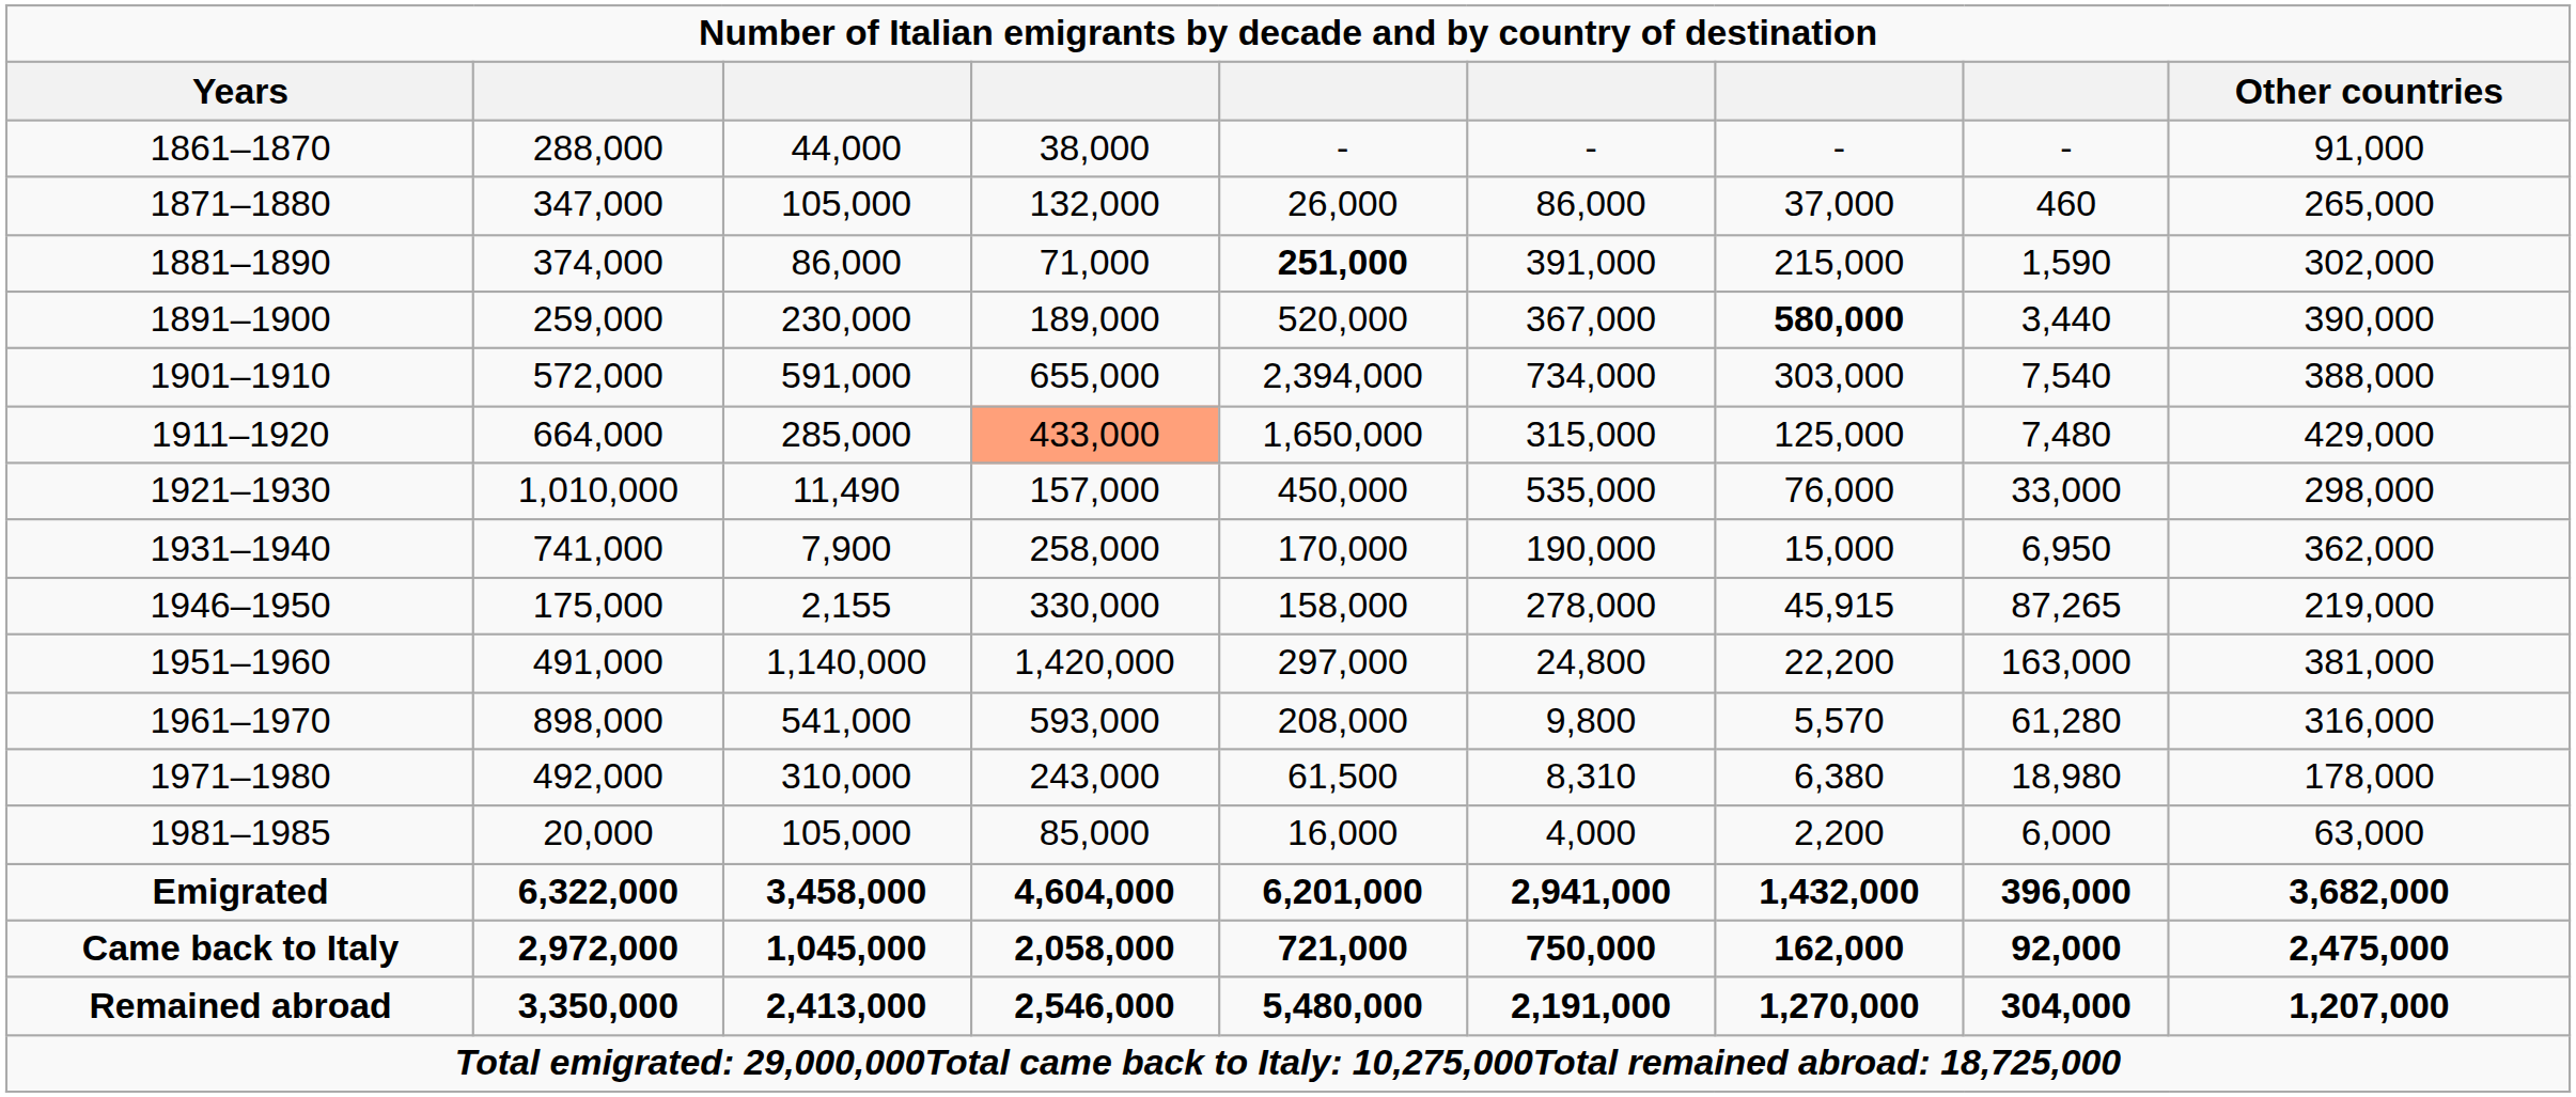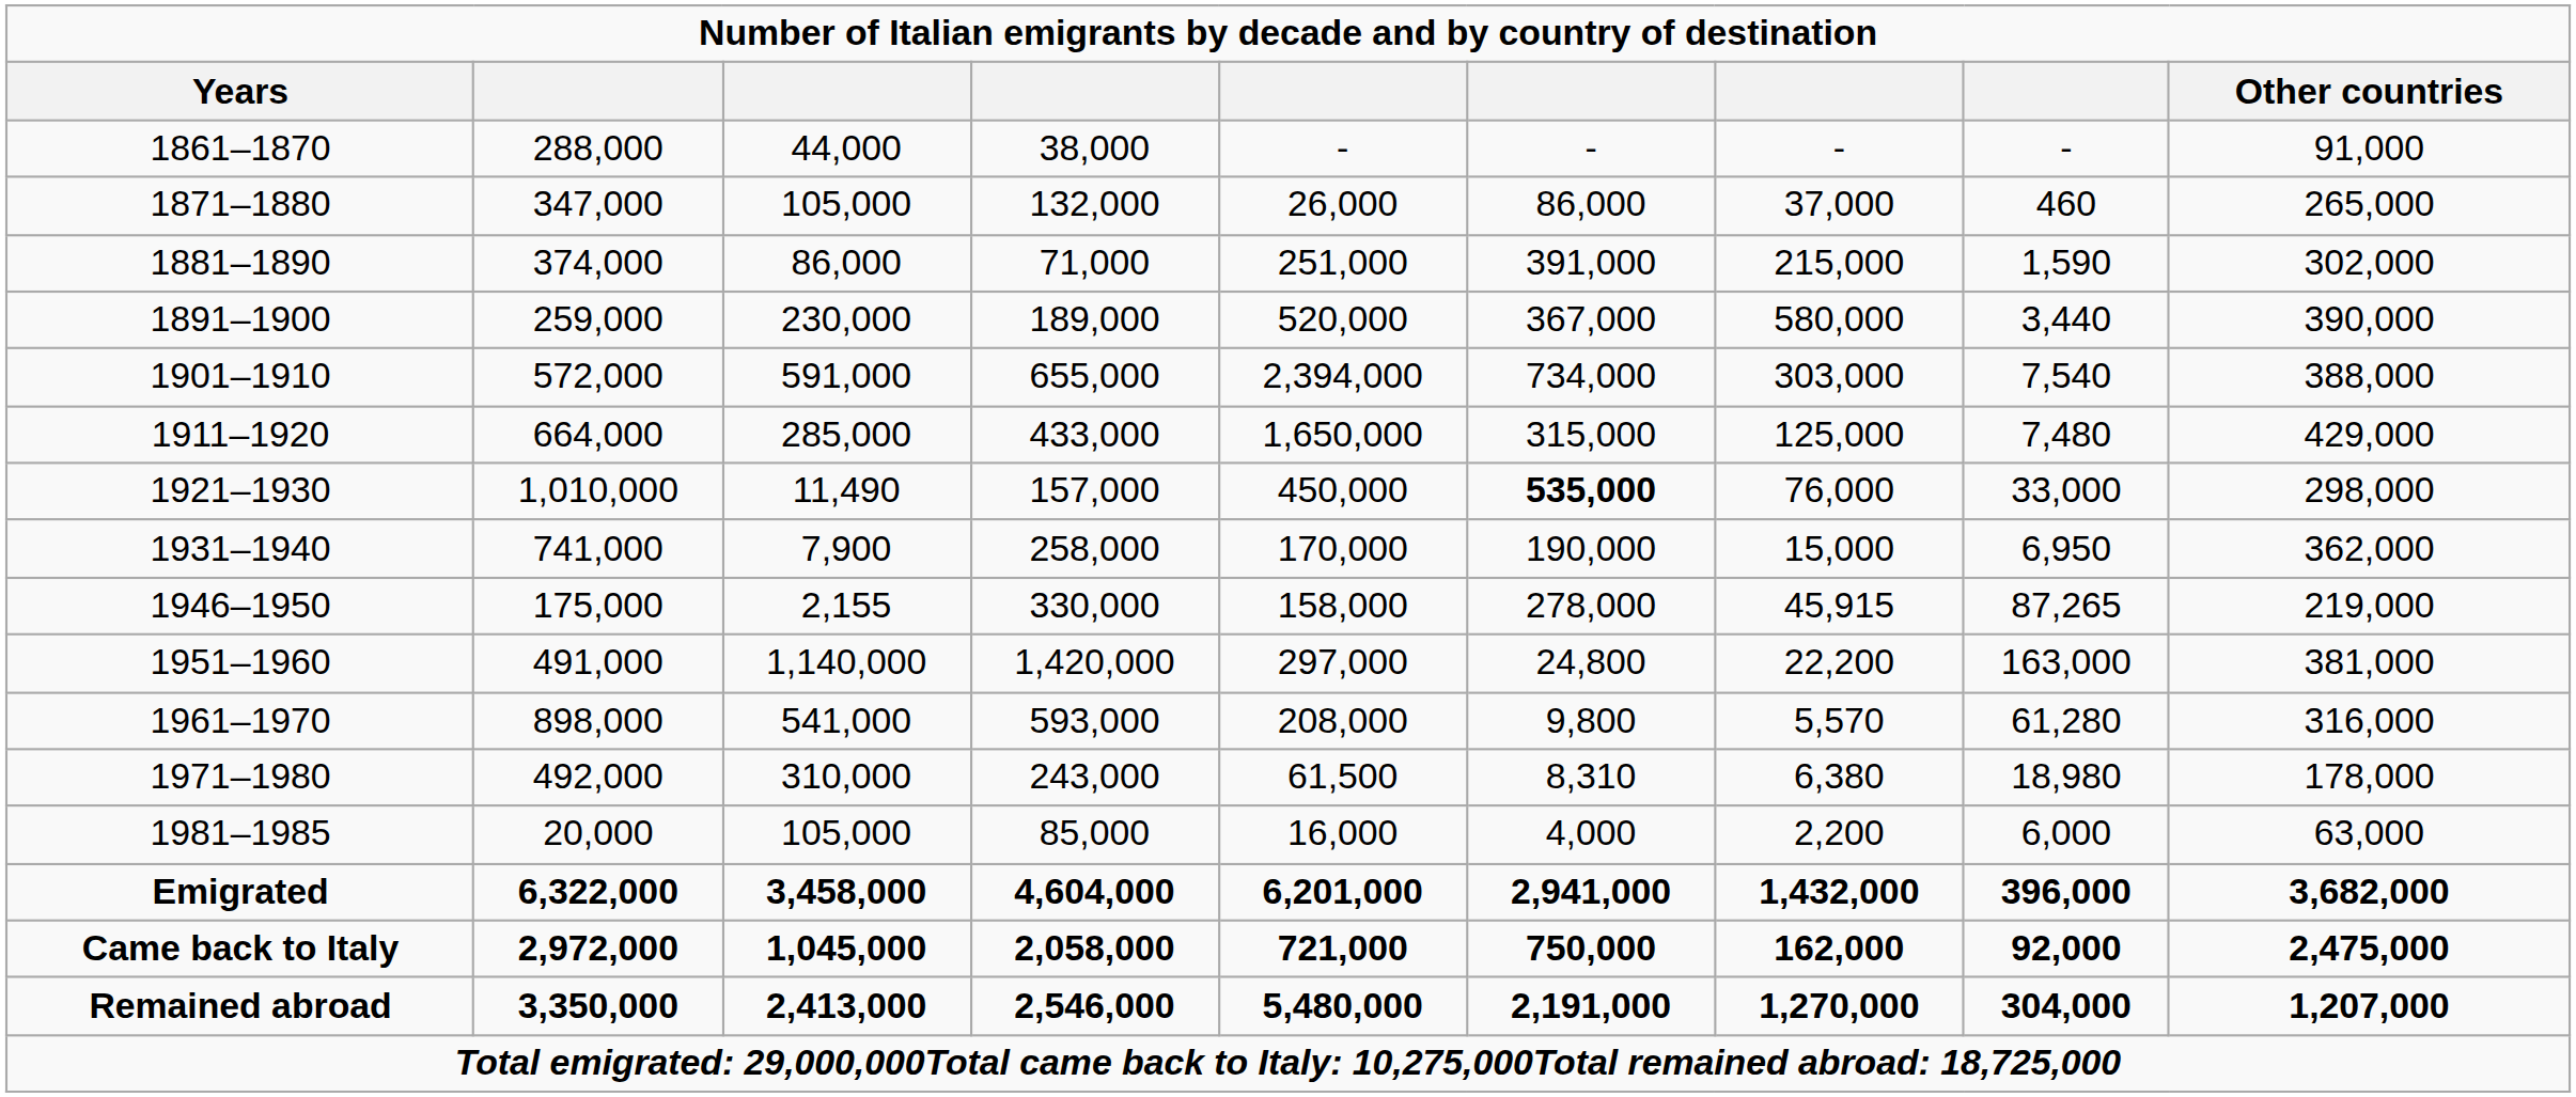 <table class="wikitable" style="text-align: center; width:90%; margin:auto; clear:both">
 <tr>
 <td colspan="9"><strong>Number of Italian emigrants by decade and by country of destination</strong></td>
 </tr>
 <tr>
 <th>Years</th>
 <th></th>
 <th></th>
 <th></th>
 <th><br></th>
 <th></th>
 <th></th>
 <th></th>
 <th>Other countries</th>
 </tr>
 <tr>
 <td>1861–1870</td>
 <td>288,000</td>
 <td>44,000</td>
 <td>38,000</td>
 <td>-</td>
 <td>-</td>
 <td>-</td>
 <td>-</td>
 <td>91,000</td>
 </tr>
 <tr>
 <td>1871–1880</td>
 <td>347,000</td>
 <td>105,000</td>
 <td>132,000</td>
 <td>26,000</td>
 <td>86,000</td>
 <td>37,000</td>
 <td>460</td>
 <td>265,000</td>
 </tr>
 <tr>
 <td>1881–1890</td>
 <td>374,000</td>
 <td>86,000</td>
 <td>71,000</td>
-<td><strong>251,000</strong></td>
+<td>251,000</td>
 <td>391,000</td>
 <td>215,000</td>
 <td>1,590</td>
 <td>302,000</td>
 </tr>
 <tr>
 <td>1891–1900</td>
 <td>259,000</td>
 <td>230,000</td>
 <td>189,000</td>
 <td>520,000</td>
 <td>367,000</td>
-<td><strong>580,000</strong></td>
+<td>580,000</td>
 <td>3,440</td>
 <td>390,000</td>
 </tr>
 <tr>
 <td>1901–1910</td>
 <td>572,000</td>
 <td>591,000</td>
 <td>655,000</td>
 <td>2,394,000</td>
 <td>734,000</td>
 <td>303,000</td>
 <td>7,540</td>
 <td>388,000</td>
 </tr>
 <tr>
 <td>1911–1920</td>
 <td>664,000</td>
 <td>285,000</td>
-<td style="background: lightsalmon;">433,000</td>
+<td>433,000</td>
 <td>1,650,000</td>
 <td>315,000</td>
 <td>125,000</td>
 <td>7,480</td>
 <td>429,000</td>
 </tr>
 <tr>
 <td>1921–1930</td>
 <td>1,010,000</td>
 <td>11,490</td>
 <td>157,000</td>
 <td>450,000</td>
-<td>535,000</td>
+<td><strong>535,000</strong></td>
 <td>76,000</td>
 <td>33,000</td>
 <td>298,000</td>
 </tr>
 <tr>
 <td>1931–1940</td>
 <td>741,000</td>
 <td>7,900</td>
 <td>258,000</td>
 <td>170,000</td>
 <td>190,000</td>
 <td>15,000</td>
 <td>6,950</td>
 <td>362,000</td>
 </tr>
 <tr>
 <td>1946–1950</td>
 <td>175,000</td>
 <td>2,155</td>
 <td>330,000</td>
 <td>158,000</td>
 <td>278,000</td>
 <td>45,915</td>
 <td>87,265</td>
 <td>219,000</td>
 </tr>
 <tr>
 <td>1951–1960</td>
 <td>491,000</td>
 <td>1,140,000</td>
 <td>1,420,000</td>
 <td>297,000</td>
 <td>24,800</td>
 <td>22,200</td>
 <td>163,000</td>
 <td>381,000</td>
 </tr>
 <tr>
 <td>1961–1970</td>
 <td>898,000</td>
 <td>541,000</td>
 <td>593,000</td>
 <td>208,000</td>
 <td>9,800</td>
 <td>5,570</td>
 <td>61,280</td>
 <td>316,000</td>
 </tr>
 <tr>
 <td>1971–1980</td>
 <td>492,000</td>
 <td>310,000</td>
 <td>243,000</td>
 <td>61,500</td>
 <td>8,310</td>
 <td>6,380</td>
 <td>18,980</td>
 <td>178,000</td>
 </tr>
 <tr>
 <td>1981–1985</td>
 <td>20,000</td>
 <td>105,000</td>
 <td>85,000</td>
 <td>16,000</td>
 <td>4,000</td>
 <td>2,200</td>
 <td>6,000</td>
 <td>63,000</td>
 </tr>
 <tr>
 <td><strong>Emigrated</strong></td>
 <td><strong>6,322,000</strong></td>
 <td><strong>3,458,000</strong></td>
 <td><strong>4,604,000</strong></td>
 <td><strong>6,201,000</strong></td>
 <td><strong>2,941,000</strong></td>
 <td><strong>1,432,000</strong></td>
 <td><strong>396,000</strong></td>
 <td><strong>3,682,000</strong></td>
 </tr>
 <tr>
 <td><strong>Came back to Italy</strong></td>
 <td><strong>2,972,000</strong></td>
 <td><strong>1,045,000</strong></td>
 <td><strong>2,058,000</strong></td>
 <td><strong>721,000</strong></td>
 <td><strong>750,000</strong></td>
 <td><strong>162,000</strong></td>
 <td><strong>92,000</strong></td>
 <td><strong>2,475,000</strong></td>
 </tr>
 <tr>
 <td><strong>Remained abroad</strong></td>
 <td><strong>3,350,000</strong></td>
 <td><strong>2,413,000</strong></td>
 <td><strong>2,546,000</strong></td>
 <td><strong>5,480,000</strong></td>
 <td><strong>2,191,000</strong></td>
 <td><strong>1,270,000</strong></td>
 <td><strong>304,000</strong></td>
 <td><strong>1,207,000</strong></td>
 </tr>
 <tr>
 <td colspan="9"><strong><em>Total emigrated: 29,000,000</em></strong><strong><em>Total came back to Italy: 10,275,000</em></strong><strong><em>Total remained abroad: 18,725,000</em></strong></td>
 </tr>
 <tr>
 </tr>
 </table>
